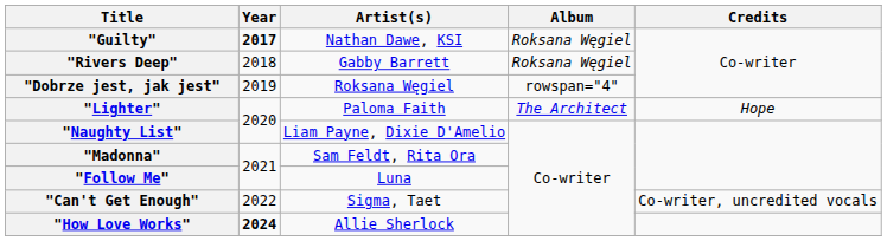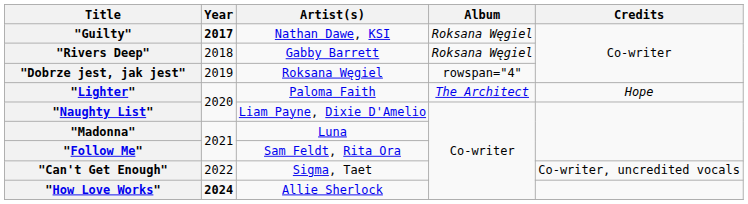 <table class="wikitable plainrowheaders" style="text-align:center;">
 <tr>
 <th scope="col" style="width:16em;">Title</th>
 <th scope="col" style="width:1em;">Year</th>
 <th scope="col">Artist(s)</th>
 <th scope="col">Album</th>
 <th scope="col">Credits</th>
 </tr>
 <tr>
 <th scope="row">"Guilty"</th>
 <td><strong>2017</strong></td>
 <td><a href='#'>Nathan Dawe</a>, <a href='#'>KSI</a></td>
 <td><em>Roksana Węgiel</em></td>
 <td rowspan="3">Co-writer</td>
 </tr>
 <tr>
 <th scope="row">"Rivers Deep"</th>
 <td>2018</td>
 <td><a href='#'>Gabby Barrett</a></td>
 <td><em>Roksana Węgiel</em></td>
 </tr>
 <tr>
 <th scope="row">"Dobrze jest, jak jest"</th>
 <td>2019</td>
 <td><a href='#'>Roksana Węgiel</a></td>
 <td>rowspan="4" </td>
 </tr>
 <tr>
 <th scope="row">"<a href='#'>Lighter</a>"</th>
 <td rowspan="2">2020</td>
 <td><a href='#'>Paloma Faith</a></td>
 <td><em><a href='#'>The Architect</a></em></td>
 <td><em>Hope</em></td>
 </tr>
 <tr>
 <th scope="row">"<a href='#'>Naughty List</a>"</th>
 <td><a href='#'>Liam Payne</a>, <a href='#'>Dixie D'Amelio</a></td>
 <td rowspan="5">Co-writer</td>
 </tr>
 <tr>
 <th scope="row">"Madonna"</th>
 <td rowspan="2">2021</td>
-<td><a href='#'>Sam Feldt</a>, <a href='#'>Rita Ora</a></td>
+<td><a href='#'>Luna</a></td>
 </tr>
 <tr>
 <th scope="row">"<a href='#'>Follow Me</a>"</th>
-<td><a href='#'>Luna</a></td>
+<td><a href='#'>Sam Feldt</a>, <a href='#'>Rita Ora</a></td>
 </tr>
 <tr>
 <th scope="row">"Can't Get Enough"</th>
 <td>2022</td>
 <td><a href='#'>Sigma</a>, Taet</td>
 <td>Co-writer, uncredited vocals</td>
 </tr>
 <tr>
 <th scope="row">"<a href='#'>How Love Works</a>"</th>
 <td><strong>2024</strong></td>
 <td><a href='#'>Allie Sherlock</a></td>
 <td></td>
 </tr>
 </table>
